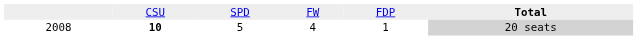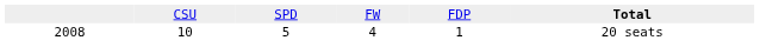 <table border="0" cellpadding="2" cellspacing="0" width="60%">
 <tr bgcolor="#eeeeee" align="center">
 <td></td>
 <td><a href='#'>CSU</a></td>
 <td><a href='#'>SPD</a></td>
 <td><a href='#'>FW</a></td>
 <td><a href='#'>FDP</a></td>
 <td><strong>Total</strong></td>
 </tr>
 <tr align="center">
 <td>2008</td>
-<td><strong>10</strong></td>
+<td>10</td>
 <td>5</td>
 <td>4</td>
 <td>1</td>
-<td style="background: lightgrey;">20 seats</td>
+<td>20 seats</td>
 </tr>
 </table>
